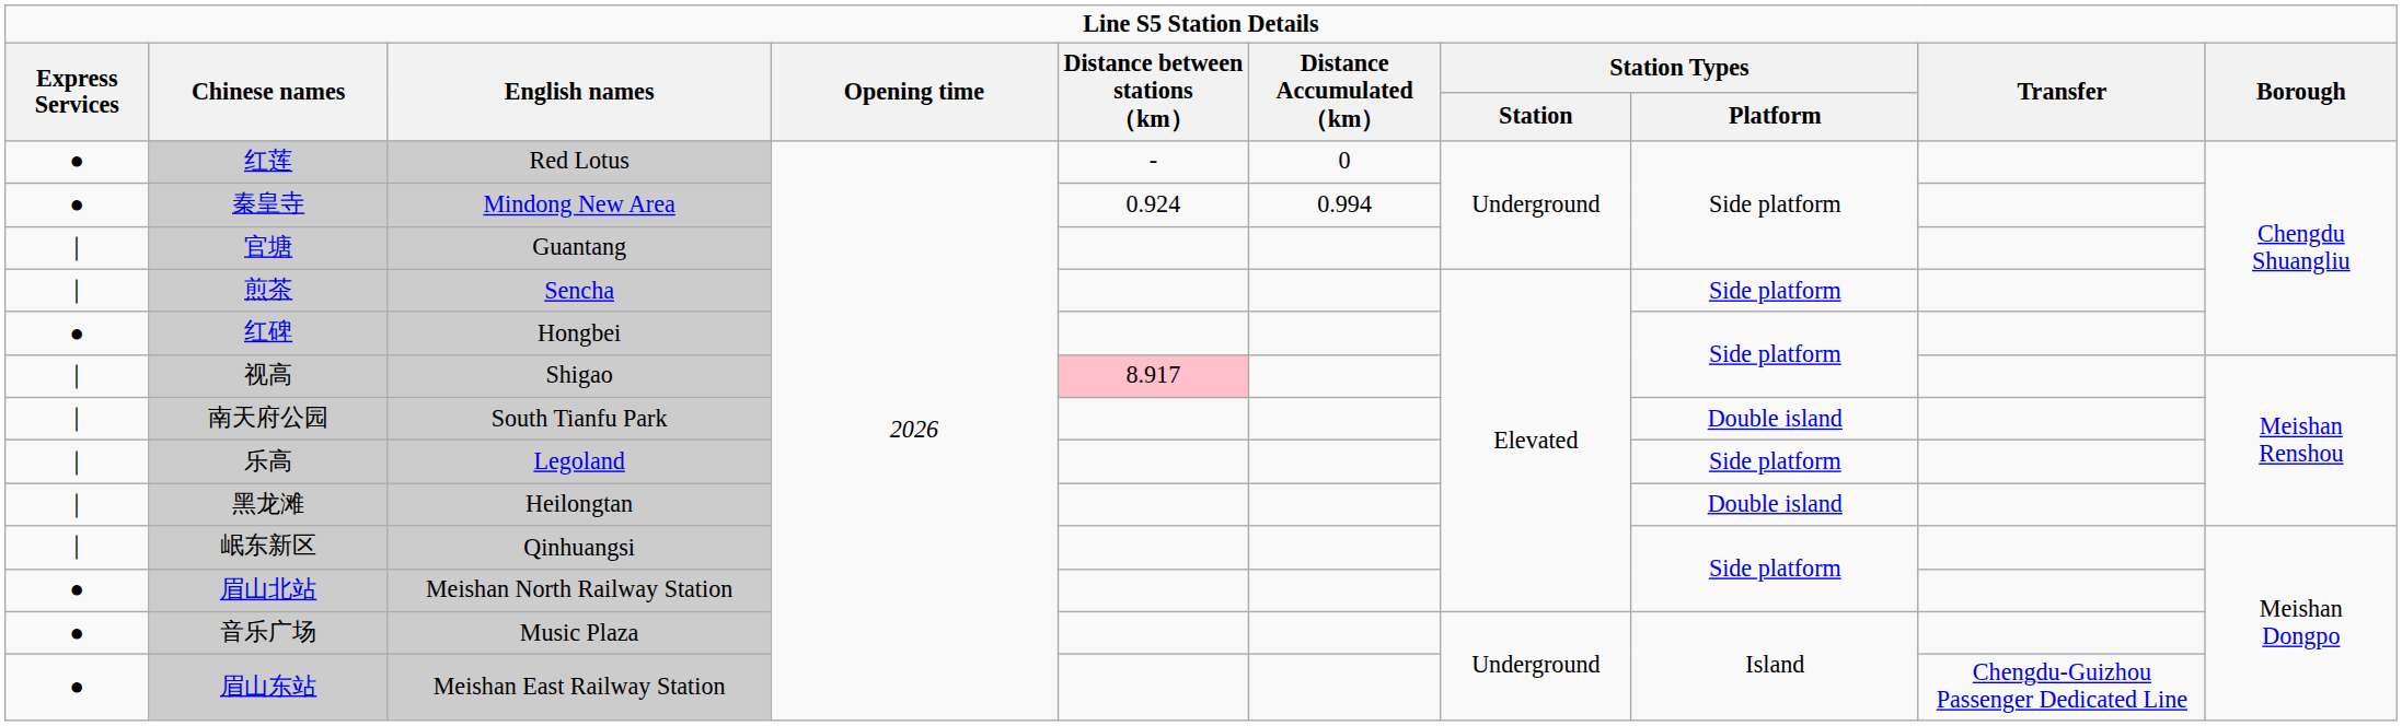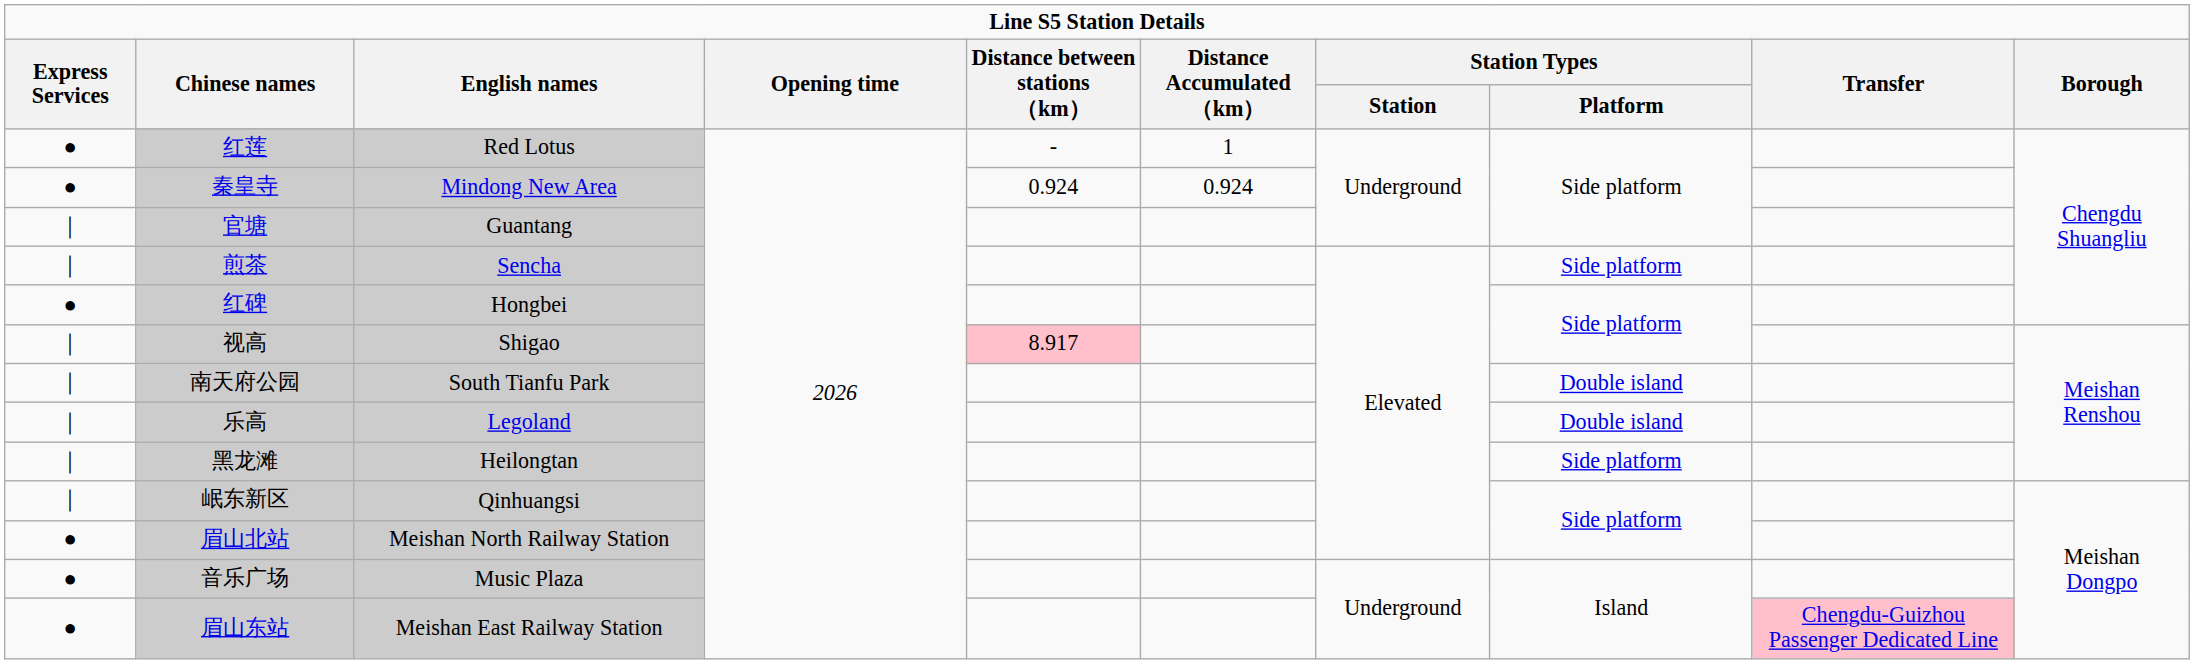 <table class="wikitable" style="width:100%; text-align: center;">
 <tr>
 <td align=center colspan=10><span><strong>Line S5 Station Details</strong></span></td>
 </tr>
 <tr>
 <th rowspan="2">Express Services</th>
 <th rowspan="2" width="10%">Chinese names</th>
 <th rowspan="2" width="16%">English names</th>
 <th rowspan="2" width="12%">Opening time</th>
 <th rowspan="2" width="8%">Distance between stations<br>（km）</th>
 <th rowspan="2" width="8%">Distance Accumulated<br>（km）</th>
 <th colspan="2" width="20%">Station Types</th>
 <th rowspan="2" width="12%">Transfer</th>
 <th rowspan="2" width="8%">Borough</th>
 </tr>
 <tr>
 <th width="8%">Station</th>
 <th width="12%">Platform</th>
 </tr>
 <tr>
 <td>●</td>
 <td style="background-color:#CCC"><a href='#'>红莲</a></td>
 <td style="background-color:#CCC">Red Lotus</td>
 <td rowspan="13"><em>2026</em></td>
 <td>-</td>
-<td>0</td>
+<td>1</td>
 <td rowspan="3">Underground</td>
 <td rowspan="3">Side platform</td>
 <td></td>
 <td rowspan="5"><a href='#'>Chengdu</a><br><a href='#'>Shuangliu</a></td>
 </tr>
 <tr>
 <td>●</td>
 <td style="background-color:#CCC"><a href='#'>秦皇寺</a></td>
 <td style="background-color:#CCC"><a href='#'>Mindong New Area</a></td>
 <td>0.924</td>
-<td>0.994</td>
+<td>0.924</td>
 <td></td>
 </tr>
 <tr>
 <td>｜</td>
 <td style="background-color:#CCC"><a href='#'>官塘</a></td>
 <td style="background-color:#CCC">Guantang</td>
 <td></td>
 <td></td>
 <td></td>
 </tr>
 <tr>
 <td>｜</td>
 <td style="background-color:#CCC"><a href='#'>煎茶</a></td>
 <td style="background-color:#CCC"><a href='#'>Sencha</a></td>
 <td></td>
 <td></td>
 <td rowspan="8">Elevated</td>
 <td><a href='#'>Side platform</a></td>
 <td></td>
 </tr>
 <tr>
 <td>●</td>
 <td style="background-color:#CCC"><a href='#'>红碑</a></td>
 <td style="background-color:#CCC">Hongbei</td>
 <td></td>
 <td></td>
 <td rowspan="2"><a href='#'>Side platform</a></td>
 <td></td>
 </tr>
 <tr>
 <td>｜</td>
 <td style="background-color:#CCC">视高</td>
 <td style="background-color:#CCC">Shigao</td>
 <td style="background: pink;">8.917</td>
 <td></td>
 <td></td>
 <td rowspan="4"><a href='#'>Meishan</a><br><a href='#'>Renshou</a></td>
 </tr>
 <tr>
 <td>｜</td>
 <td style="background-color:#CCC">南天府公园</td>
 <td style="background-color:#CCC">South Tianfu Park</td>
 <td></td>
 <td></td>
 <td><a href='#'>Double island</a></td>
 <td></td>
 </tr>
 <tr>
 <td>｜</td>
 <td style="background-color:#CCC">乐高</td>
 <td style="background-color:#CCC"><a href='#'>Legoland</a></td>
 <td></td>
 <td></td>
-<td><a href='#'>Side platform</a></td>
+<td><a href='#'>Double island</a></td>
 <td></td>
 </tr>
 <tr>
 <td>｜</td>
 <td style="background-color:#CCC">黑龙滩</td>
 <td style="background-color:#CCC">Heilongtan</td>
 <td></td>
 <td></td>
-<td><a href='#'>Double island</a></td>
+<td><a href='#'>Side platform</a></td>
 <td></td>
 </tr>
 <tr>
 <td>｜</td>
 <td style="background-color:#CCC">岷东新区</td>
 <td style="background-color:#CCC">Qinhuangsi</td>
 <td></td>
 <td></td>
 <td rowspan="2"><a href='#'>Side platform</a></td>
 <td></td>
 <td rowspan="4">Meishan<br><a href='#'>Dongpo</a></td>
 </tr>
 <tr>
 <td>●</td>
 <td style="background-color:#CCC"><a href='#'>眉山北站</a></td>
 <td style="background-color:#CCC">Meishan North Railway Station</td>
 <td></td>
 <td></td>
 <td></td>
 </tr>
 <tr>
 <td>●</td>
 <td style="background-color:#CCC">音乐广场</td>
 <td style="background-color:#CCC">Music Plaza</td>
 <td></td>
 <td></td>
 <td rowspan="2">Underground</td>
 <td rowspan="2">Island</td>
 <td></td>
 </tr>
 <tr>
 <td>●</td>
 <td style="background-color:#CCC"><a href='#'>眉山东站</a></td>
 <td style="background-color:#CCC">Meishan East Railway Station</td>
 <td></td>
 <td></td>
-<td> <a href='#'>Chengdu-Guizhou Passenger Dedicated Line</a></td>
+<td style="background: pink;"> <a href='#'>Chengdu-Guizhou Passenger Dedicated Line</a></td>
 </tr>
 </table>
